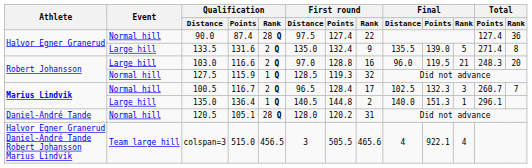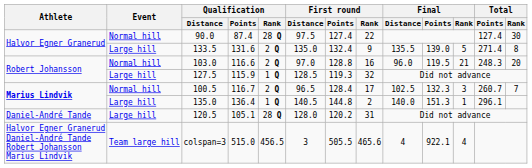 <table class="wikitable" style="font-size:90%">
 <tr>
 <th rowspan=2>Athlete</th>
 <th rowspan=2>Event</th>
 <th colspan=3>Qualification</th>
 <th colspan=3>First round</th>
 <th colspan=3>Final</th>
 <th colspan=2>Total</th>
 </tr>
 <tr style="font-size:95%">
 <th>Distance</th>
 <th>Points</th>
 <th>Rank</th>
 <th>Distance</th>
 <th>Points</th>
 <th>Rank</th>
 <th>Distance</th>
 <th>Points</th>
 <th>Rank</th>
 <th>Points</th>
 <th>Rank</th>
 </tr>
 <tr align=center>
 <td align=left rowspan=2><a href='#'>Halvor Egner Granerud</a></td>
 <td align=left><a href='#'>Normal hill</a></td>
 <td>90.0</td>
 <td>87.4</td>
 <td>28 <strong>Q</strong></td>
 <td>97.5</td>
 <td>127.4</td>
 <td>22</td>
 <td colspan=3></td>
 <td>127.4</td>
-<td>36</td>
+<td>30</td>
 </tr>
 <tr align=center>
 <td align=left><a href='#'>Large hill</a></td>
 <td>133.5</td>
 <td>131.6</td>
 <td>2 <strong>Q</strong></td>
 <td>135.0</td>
 <td>132.4</td>
 <td>9</td>
 <td>135.5</td>
 <td>139.0</td>
 <td>5</td>
 <td>271.4</td>
 <td>8</td>
 </tr>
 <tr align=center>
 <td align=left rowspan=2><a href='#'>Robert Johansson</a></td>
-<td align=left><a href='#'>Large hill</a></td>
+<td align=left><a href='#'>Normal hill</a></td>
 <td>103.0</td>
 <td>116.6</td>
 <td>2 <strong>Q</strong></td>
 <td>97.0</td>
 <td>128.8</td>
 <td>16</td>
 <td>96.0</td>
 <td>119.5</td>
 <td>21</td>
 <td>248.3</td>
 <td>20</td>
 </tr>
 <tr align=center>
-<td align=left><a href='#'>Normal hill</a></td>
+<td align=left><a href='#'>Large hill</a></td>
 <td>127.5</td>
 <td>115.9</td>
 <td>1 <strong>Q</strong></td>
 <td>128.5</td>
 <td>119.3</td>
 <td>32</td>
 <td colspan="5">Did not advance</td>
 </tr>
 <tr align=center>
 <td align=left rowspan=2><strong><a href='#'>Marius Lindvik</a></strong></td>
 <td align=left><a href='#'>Normal hill</a></td>
 <td>100.5</td>
 <td>116.7</td>
 <td>2 <strong>Q</strong></td>
 <td>96.5</td>
 <td>128.4</td>
 <td>17</td>
 <td>102.5</td>
 <td>132.3</td>
 <td>3</td>
 <td>260.7</td>
 <td>7</td>
 </tr>
 <tr align=center>
 <td align=left><a href='#'>Large hill</a></td>
 <td>135.0</td>
 <td>136.4</td>
 <td>1 <strong>Q</strong></td>
 <td>140.5</td>
 <td>144.8</td>
 <td>2</td>
 <td>140.0</td>
 <td>151.3</td>
 <td>1</td>
 <td>296.1</td>
 <td></td>
 </tr>
 <tr align=center>
 <td align=left colspan=1><a href='#'>Daniel-André Tande</a></td>
-<td align=left><a href='#'>Normal hill</a></td>
+<td align=left><a href='#'>Large hill</a></td>
 <td>120.5</td>
 <td>105.1</td>
 <td>28 <strong>Q</strong></td>
 <td>128.0</td>
 <td>120.2</td>
 <td>31</td>
 <td colspan="5">Did not advance</td>
 </tr>
 <tr align=center>
 <td align=left rowspan=1><a href='#'>Halvor Egner Granerud</a> <br> <a href='#'>Daniel-André Tande</a> <br> <a href='#'>Robert Johansson</a> <br> <a href='#'>Marius Lindvik</a></td>
 <td align=left><a href='#'>Team large hill</a></td>
 <td>colspan=3 </td>
 <td>515.0</td>
 <td>456.5</td>
 <td>3</td>
 <td>505.5</td>
 <td>465.6</td>
 <td>4</td>
 <td>922.1</td>
 <td>4</td>
 </tr>
 </table>
